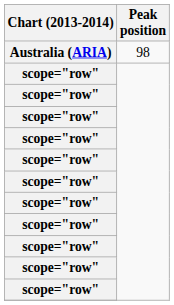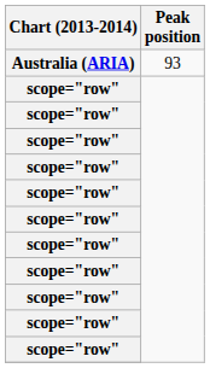 <table class="wikitable sortable plainrowheaders" style="text-align:center">
 <tr>
 <th>Chart (2013-2014)</th>
 <th>Peak<br>position</th>
 </tr>
 <tr>
 <th scope="row">Australia (<a href='#'>ARIA</a>)</th>
-<td align="center">98</td>
+<td align="center">93</td>
 </tr>
 <tr>
 <th>scope="row"</th>
 </tr>
 <tr>
 <th>scope="row"</th>
 </tr>
 <tr>
 <th>scope="row"</th>
 </tr>
 <tr>
 <th>scope="row"</th>
 </tr>
 <tr>
 <th>scope="row"</th>
 </tr>
 <tr>
 <th>scope="row"</th>
 </tr>
 <tr>
 <th>scope="row"</th>
 </tr>
 <tr>
 <th>scope="row"</th>
 </tr>
 <tr>
 <th>scope="row"</th>
 </tr>
 <tr>
 <th>scope="row"</th>
 </tr>
 <tr>
 <th>scope="row"</th>
 </tr>
 <tr>
 </tr>
 </table>
